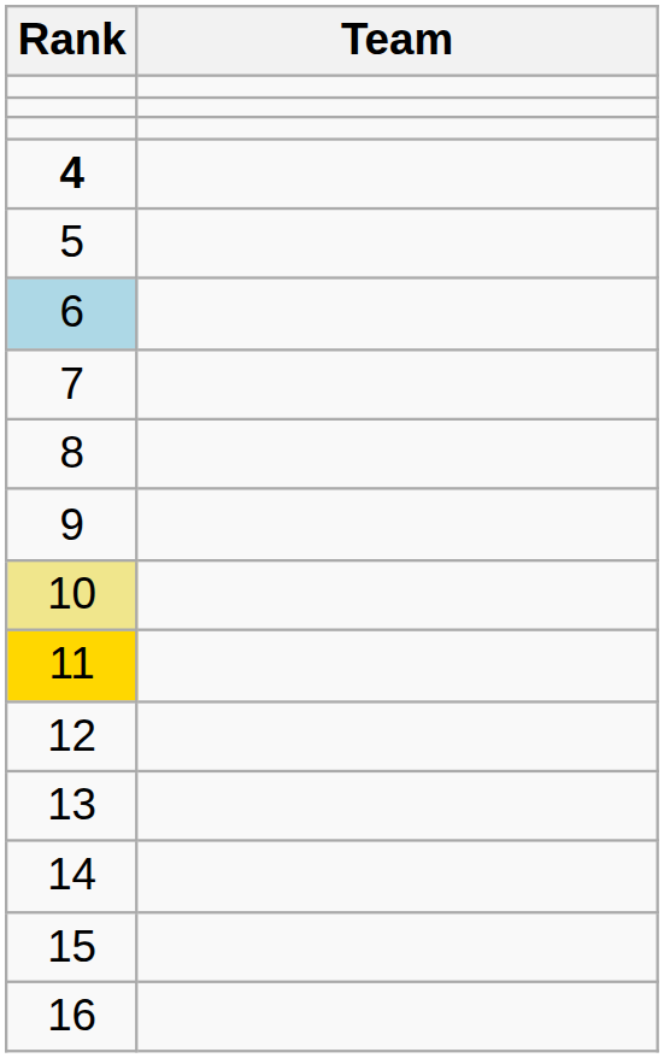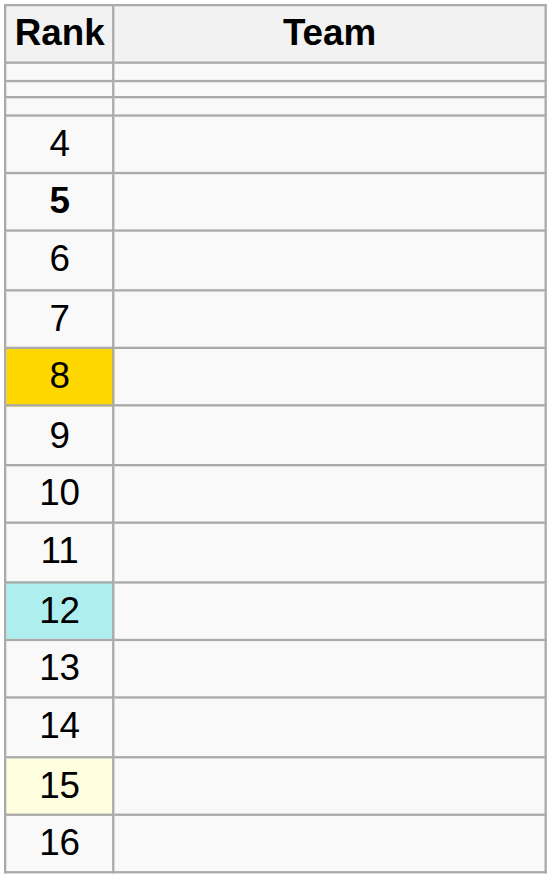 <table class="wikitable" style="text-align: center;">
 <tr>
 <th width=40>Rank</th>
 <th width=180>Team</th>
 </tr>
 <tr>
 <td></td>
 <td style="text-align:left;"></td>
 </tr>
 <tr>
 <td></td>
 <td style="text-align:left;"></td>
 </tr>
 <tr>
 <td></td>
 <td style="text-align:left;"></td>
 </tr>
 <tr>
-<td><strong>4</strong></td>
+<td>4</td>
 <td style="text-align:left;"></td>
 </tr>
 <tr>
-<td>5</td>
+<td><strong>5</strong></td>
 <td style="text-align:left;"></td>
 </tr>
 <tr>
-<td style="background: lightblue;">6</td>
+<td>6</td>
 <td style="text-align:left;"></td>
 </tr>
 <tr>
 <td>7</td>
 <td style="text-align:left;"></td>
 </tr>
 <tr>
-<td>8</td>
+<td style="background: gold;">8</td>
 <td style="text-align:left;"></td>
 </tr>
 <tr>
 <td>9</td>
 <td style="text-align:left;"></td>
 </tr>
 <tr>
-<td style="background: khaki;">10</td>
+<td>10</td>
 <td style="text-align:left;"></td>
 </tr>
 <tr>
-<td style="background: gold;">11</td>
+<td>11</td>
 <td style="text-align:left;"></td>
 </tr>
 <tr>
-<td>12</td>
+<td style="background: paleturquoise;">12</td>
 <td style="text-align:left;"></td>
 </tr>
 <tr>
 <td>13</td>
 <td style="text-align:left;"></td>
 </tr>
 <tr>
 <td>14</td>
 <td style="text-align:left;"></td>
 </tr>
 <tr>
-<td>15</td>
+<td style="background: lightyellow;">15</td>
 <td style="text-align:left;"></td>
 </tr>
 <tr>
 <td>16</td>
 <td style="text-align:left;"></td>
 </tr>
 </table>
